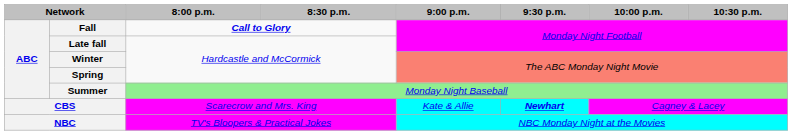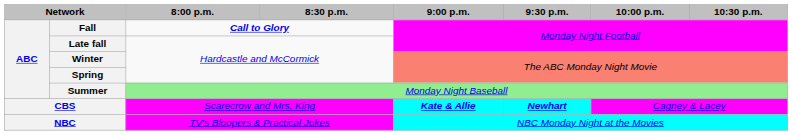 <table class="wikitable" style="width:100%;margin-right:0;text-align:center">
 <tr>
 <th colspan="2" style="background-color:#C0C0C0;text-align:center;width:15.5%;">Network</th>
 <th style="background-color:#C0C0C0;text-align:center">8:00 p.m.</th>
 <th style="background-color:#C0C0C0;text-align:center">8:30 p.m.</th>
 <th style="background-color:#C0C0C0;text-align:center">9:00 p.m.</th>
 <th style="background-color:#C0C0C0;text-align:center">9:30 p.m.</th>
 <th style="background-color:#C0C0C0;text-align:center">10:00 p.m.</th>
 <th style="background-color:#C0C0C0;text-align:center">10:30 p.m.</th>
 </tr>
 <tr>
 <th rowspan="5"><a href='#'>ABC</a></th>
 <th>Fall</th>
 <td colspan="2"><strong><em><a href='#'>Call to Glory</a></em></strong></td>
 <td style="background:#FF00FF;" colspan="4" rowspan="2"><em><a href='#'>Monday Night Football</a></em> </td>
 </tr>
 <tr>
 <th>Late fall</th>
 <td colspan="2" rowspan="3"><em><a href='#'>Hardcastle and McCormick</a></em></td>
 </tr>
 <tr>
 <th>Winter</th>
 <td style="background:#FA8072;" colspan="4" rowspan="2"><em>The ABC Monday Night Movie</em></td>
 </tr>
 <tr>
 <th>Spring</th>
 </tr>
 <tr>
 <th>Summer</th>
 <td style="background:lightgreen;" colspan="6"><em><a href='#'>Monday Night Baseball</a></em></td>
 </tr>
 <tr>
 <th colspan="2"><a href='#'>CBS</a></th>
 <td style="background:#FF00FF;" colspan="2"><em><a href='#'>Scarecrow and Mrs. King</a></em> </td>
-<td style="background:#00FFFF;"><em><a href='#'>Kate & Allie</a></em> </td>
+<td style="background:#00FFFF;"><strong><em><a href='#'>Kate & Allie</a></em> </strong></td>
 <td style="background:#00FFFF;"><strong><em><a href='#'>Newhart</a></em> </strong></td>
 <td style="background:#FF00FF;" colspan="2"><em><a href='#'>Cagney & Lacey</a></em> </td>
 </tr>
 <tr>
 <th colspan="2"><a href='#'>NBC</a></th>
 <td style="background:#FF00FF;" colspan="2"><em><a href='#'>TV's Bloopers & Practical Jokes</a></em> </td>
 <td style="background:#00FFFF;" colspan="4"><em><a href='#'>NBC Monday Night at the Movies</a></em> </td>
 </tr>
 </table>
